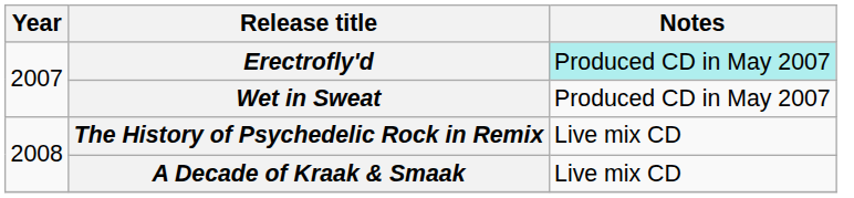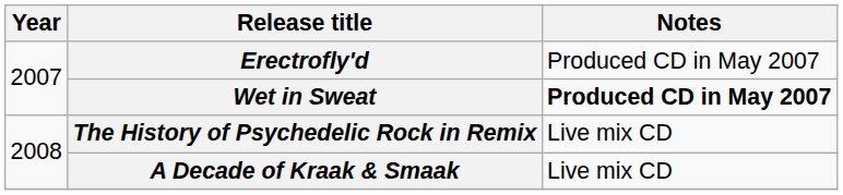 <table class="wikitable plainrowheaders" style="text-align:center;">
 <tr>
 <th>Year</th>
 <th>Release title</th>
 <th>Notes</th>
 </tr>
 <tr>
 <td rowspan="2">2007</td>
 <th scope="row"><em>Erectrofly'd</em></th>
-<td align=left style="background: paleturquoise;">Produced CD in May 2007</td>
+<td align=left>Produced CD in May 2007</td>
 </tr>
 <tr>
 <th scope="row"><em>Wet in Sweat</em></th>
-<td align=left>Produced CD in May 2007</td>
+<td align=left><strong>Produced CD in May 2007</strong></td>
 </tr>
 <tr>
 <td rowspan="2">2008</td>
 <th scope="row"><em> The History of Psychedelic Rock in Remix</em></th>
 <td align=left>Live mix CD</td>
 </tr>
 <tr>
 <th scope="row"><em> A Decade of Kraak & Smaak</em></th>
 <td align=left>Live mix CD</td>
 </tr>
 <tr>
 </tr>
 </table>
